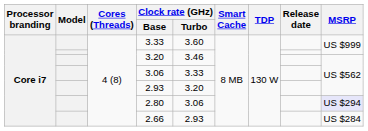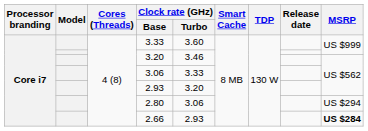 <table class="wikitable sortable nowrap" style="text-align: center;">
 <tr>
 <th class="unsortable" rowspan="2">Processor<br>branding</th>
 <th rowspan="2">Model</th>
 <th class="unsortable" rowspan="2"><a href='#'>Cores</a><br>(<a href='#'>Threads</a>)</th>
 <th colspan="2"><a href='#'>Clock rate</a> (GHz)</th>
 <th class="unsortable" rowspan="2"><a href='#'>Smart<br>Cache</a></th>
 <th rowspan="2"><a href='#'>TDP</a></th>
 <th rowspan="2">Release<br>date</th>
 <th class="unsortable" rowspan="2"><a href='#'>MSRP</a></th>
 </tr>
 <tr>
 <th class="unsortable">Base</th>
 <th class="unsortable">Turbo</th>
 </tr>
 <tr>
 <th rowspan="7">Core i7</th>
 <th style="text-align:left;" data-sort-value="sku7"></th>
 <td rowspan="7">4 (8)</td>
 <td>3.33</td>
 <td>3.60</td>
 <td rowspan="7">8 MB</td>
 <td rowspan="7">130 W</td>
 <td></td>
 <td rowspan=2>US $999</td>
 </tr>
 <tr>
 <th style="text-align:left;" data-sort-value="sku6"></th>
 <td rowspan=2>3.20</td>
 <td rowspan=2>3.46</td>
 <td></td>
 </tr>
 <tr>
 <th style="text-align:left;" data-sort-value="sku5"></th>
 <td></td>
 <td rowspan=3>US $562</td>
 </tr>
 <tr>
 <th style="text-align:left;" data-sort-value="sku4"></th>
 <td>3.06</td>
 <td>3.33</td>
 <td></td>
 </tr>
 <tr>
 <th style="text-align:left;" data-sort-value="sku3"></th>
 <td>2.93</td>
 <td>3.20</td>
 <td></td>
 </tr>
 <tr>
 <th style="text-align:left;" data-sort-value="sku2"></th>
 <td>2.80</td>
 <td>3.06</td>
 <td></td>
-<td style="background: lavender;">US $294</td>
+<td>US $294</td>
 </tr>
 <tr>
 <th style="text-align:left;" data-sort-value="sku1"></th>
 <td>2.66</td>
 <td>2.93</td>
 <td></td>
-<td>US $284</td>
+<td><strong>US $284</strong></td>
 </tr>
 </table>
